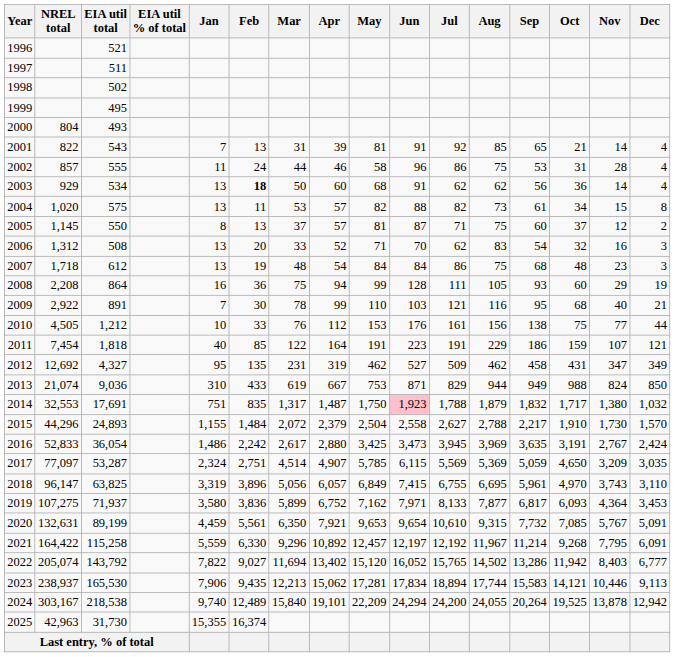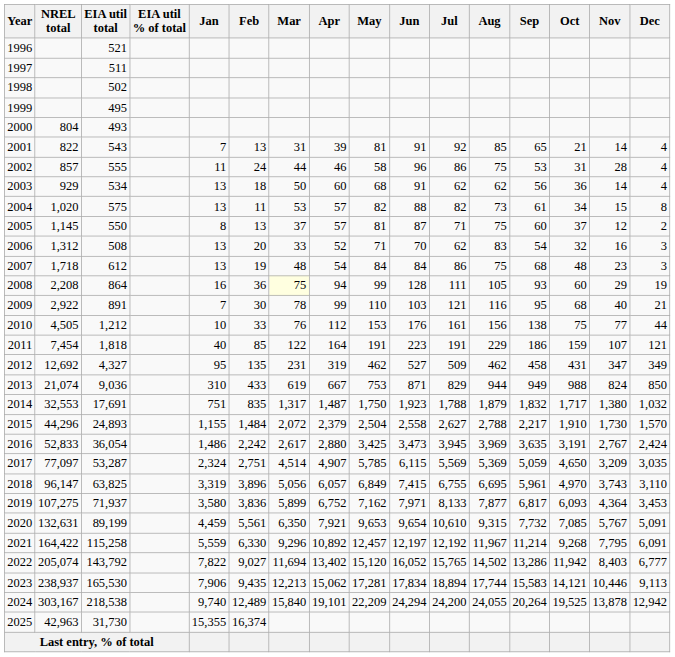 <table class="wikitable" style="text-align:right;">
 <tr>
 <th>Year</th>
 <th>NREL<br>total</th>
 <th>EIA util<br>total</th>
 <th>EIA util<br>% of total</th>
 <th>Jan</th>
 <th>Feb</th>
 <th>Mar</th>
 <th>Apr</th>
 <th>May</th>
 <th>Jun</th>
 <th>Jul</th>
 <th>Aug</th>
 <th>Sep</th>
 <th>Oct</th>
 <th>Nov</th>
 <th>Dec</th>
 </tr>
 <tr align=right>
 <td>1996</td>
 <td></td>
 <td>521</td>
 <td></td>
 <td></td>
 <td></td>
 <td></td>
 <td></td>
 <td></td>
 <td></td>
 <td></td>
 <td></td>
 <td></td>
 <td></td>
 <td></td>
 <td></td>
 </tr>
 <tr align=right>
 <td>1997</td>
 <td></td>
 <td>511</td>
 <td></td>
 <td></td>
 <td></td>
 <td></td>
 <td></td>
 <td></td>
 <td></td>
 <td></td>
 <td></td>
 <td></td>
 <td></td>
 <td></td>
 <td></td>
 </tr>
 <tr align=right>
 <td>1998</td>
 <td></td>
 <td>502</td>
 <td></td>
 <td></td>
 <td></td>
 <td></td>
 <td></td>
 <td></td>
 <td></td>
 <td></td>
 <td></td>
 <td></td>
 <td></td>
 <td></td>
 <td></td>
 </tr>
 <tr align=right>
 <td>1999</td>
 <td></td>
 <td>495</td>
 <td></td>
 <td></td>
 <td></td>
 <td></td>
 <td></td>
 <td></td>
 <td></td>
 <td></td>
 <td></td>
 <td></td>
 <td></td>
 <td></td>
 <td></td>
 </tr>
 <tr align=right>
 <td>2000</td>
 <td>804</td>
 <td>493</td>
 <td></td>
 <td></td>
 <td></td>
 <td></td>
 <td></td>
 <td></td>
 <td></td>
 <td></td>
 <td></td>
 <td></td>
 <td></td>
 <td></td>
 <td></td>
 </tr>
 <tr align=right>
 <td>2001</td>
 <td>822</td>
 <td>543</td>
 <td></td>
 <td>7</td>
 <td>13</td>
 <td>31</td>
 <td>39</td>
 <td>81</td>
 <td>91</td>
 <td>92</td>
 <td>85</td>
 <td>65</td>
 <td>21</td>
 <td>14</td>
 <td>4</td>
 </tr>
 <tr align=right>
 <td>2002</td>
 <td>857</td>
 <td>555</td>
 <td></td>
 <td>11</td>
 <td>24</td>
 <td>44</td>
 <td>46</td>
 <td>58</td>
 <td>96</td>
 <td>86</td>
 <td>75</td>
 <td>53</td>
 <td>31</td>
 <td>28</td>
 <td>4</td>
 </tr>
 <tr align=right>
 <td>2003</td>
 <td>929</td>
 <td>534</td>
 <td></td>
 <td>13</td>
-<td><strong>18</strong></td>
+<td>18</td>
 <td>50</td>
 <td>60</td>
 <td>68</td>
 <td>91</td>
 <td>62</td>
 <td>62</td>
 <td>56</td>
 <td>36</td>
 <td>14</td>
 <td>4</td>
 </tr>
 <tr align=right>
 <td>2004</td>
 <td>1,020</td>
 <td>575</td>
 <td></td>
 <td>13</td>
 <td>11</td>
 <td>53</td>
 <td>57</td>
 <td>82</td>
 <td>88</td>
 <td>82</td>
 <td>73</td>
 <td>61</td>
 <td>34</td>
 <td>15</td>
 <td>8</td>
 </tr>
 <tr align=right>
 <td>2005</td>
 <td>1,145</td>
 <td>550</td>
 <td></td>
 <td>8</td>
 <td>13</td>
 <td>37</td>
 <td>57</td>
 <td>81</td>
 <td>87</td>
 <td>71</td>
 <td>75</td>
 <td>60</td>
 <td>37</td>
 <td>12</td>
 <td>2</td>
 </tr>
 <tr align=right>
 <td>2006</td>
 <td>1,312</td>
 <td>508</td>
 <td></td>
 <td>13</td>
 <td>20</td>
 <td>33</td>
 <td>52</td>
 <td>71</td>
 <td>70</td>
 <td>62</td>
 <td>83</td>
 <td>54</td>
 <td>32</td>
 <td>16</td>
 <td>3</td>
 </tr>
 <tr align=right>
 <td>2007</td>
 <td>1,718</td>
 <td>612</td>
 <td></td>
 <td>13</td>
 <td>19</td>
 <td>48</td>
 <td>54</td>
 <td>84</td>
 <td>84</td>
 <td>86</td>
 <td>75</td>
 <td>68</td>
 <td>48</td>
 <td>23</td>
 <td>3</td>
 </tr>
 <tr align=right>
 <td>2008</td>
 <td>2,208</td>
 <td>864</td>
 <td></td>
 <td>16</td>
 <td>36</td>
-<td>75</td>
+<td style="background: lightyellow;">75</td>
 <td>94</td>
 <td>99</td>
 <td>128</td>
 <td>111</td>
 <td>105</td>
 <td>93</td>
 <td>60</td>
 <td>29</td>
 <td>19</td>
 </tr>
 <tr align=right>
 <td>2009</td>
 <td>2,922</td>
 <td>891</td>
 <td></td>
 <td>7</td>
 <td>30</td>
 <td>78</td>
 <td>99</td>
 <td>110</td>
 <td>103</td>
 <td>121</td>
 <td>116</td>
 <td>95</td>
 <td>68</td>
 <td>40</td>
 <td>21</td>
 </tr>
 <tr align=right>
 <td>2010</td>
 <td>4,505</td>
 <td>1,212</td>
 <td></td>
 <td>10</td>
 <td>33</td>
 <td>76</td>
 <td>112</td>
 <td>153</td>
 <td>176</td>
 <td>161</td>
 <td>156</td>
 <td>138</td>
 <td>75</td>
 <td>77</td>
 <td>44</td>
 </tr>
 <tr align=right>
 <td>2011</td>
 <td>7,454</td>
 <td>1,818</td>
 <td></td>
 <td>40</td>
 <td>85</td>
 <td>122</td>
 <td>164</td>
 <td>191</td>
 <td>223</td>
 <td>191</td>
 <td>229</td>
 <td>186</td>
 <td>159</td>
 <td>107</td>
 <td>121</td>
 </tr>
 <tr align=right>
 <td>2012</td>
 <td>12,692</td>
 <td>4,327</td>
 <td></td>
 <td>95</td>
 <td>135</td>
 <td>231</td>
 <td>319</td>
 <td>462</td>
 <td>527</td>
 <td>509</td>
 <td>462</td>
 <td>458</td>
 <td>431</td>
 <td>347</td>
 <td>349</td>
 </tr>
 <tr align=right>
 <td>2013</td>
 <td>21,074</td>
 <td>9,036</td>
 <td></td>
 <td>310</td>
 <td>433</td>
 <td>619</td>
 <td>667</td>
 <td>753</td>
 <td>871</td>
 <td>829</td>
 <td>944</td>
 <td>949</td>
 <td>988</td>
 <td>824</td>
 <td>850</td>
 </tr>
 <tr align=right>
 <td>2014</td>
 <td>32,553</td>
 <td>17,691</td>
 <td></td>
 <td>751</td>
 <td>835</td>
 <td>1,317</td>
 <td>1,487</td>
 <td>1,750</td>
-<td style="background: pink;">1,923</td>
+<td>1,923</td>
 <td>1,788</td>
 <td>1,879</td>
 <td>1,832</td>
 <td>1,717</td>
 <td>1,380</td>
 <td>1,032</td>
 </tr>
 <tr align=right>
 <td>2015</td>
 <td>44,296</td>
 <td>24,893</td>
 <td></td>
 <td>1,155</td>
 <td>1,484</td>
 <td>2,072</td>
 <td>2,379</td>
 <td>2,504</td>
 <td>2,558</td>
 <td>2,627</td>
 <td>2,788</td>
 <td>2,217</td>
 <td>1,910</td>
 <td>1,730</td>
 <td>1,570</td>
 </tr>
 <tr align=right>
 <td>2016</td>
 <td>52,833</td>
 <td>36,054</td>
 <td></td>
 <td>1,486</td>
 <td>2,242</td>
 <td>2,617</td>
 <td>2,880</td>
 <td>3,425</td>
 <td>3,473</td>
 <td>3,945</td>
 <td>3,969</td>
 <td>3,635</td>
 <td>3,191</td>
 <td>2,767</td>
 <td>2,424</td>
 </tr>
 <tr align=right>
 <td>2017</td>
 <td>77,097</td>
 <td>53,287</td>
 <td></td>
 <td>2,324</td>
 <td>2,751</td>
 <td>4,514</td>
 <td>4,907</td>
 <td>5,785</td>
 <td>6,115</td>
 <td>5,569</td>
 <td>5,369</td>
 <td>5,059</td>
 <td>4,650</td>
 <td>3,209</td>
 <td>3,035</td>
 </tr>
 <tr align=right>
 <td>2018</td>
 <td>96,147</td>
 <td>63,825</td>
 <td></td>
 <td>3,319</td>
 <td>3,896</td>
 <td>5,056</td>
 <td>6,057</td>
 <td>6,849</td>
 <td>7,415</td>
 <td>6,755</td>
 <td>6,695</td>
 <td>5,961</td>
 <td>4,970</td>
 <td>3,743</td>
 <td>3,110</td>
 </tr>
 <tr align=right>
 <td>2019</td>
 <td>107,275</td>
 <td>71,937</td>
 <td></td>
 <td>3,580</td>
 <td>3,836</td>
 <td>5,899</td>
 <td>6,752</td>
 <td>7,162</td>
 <td>7,971</td>
 <td>8,133</td>
 <td>7,877</td>
 <td>6,817</td>
 <td>6,093</td>
 <td>4,364</td>
 <td>3,453</td>
 </tr>
 <tr align=right>
 <td>2020</td>
 <td>132,631</td>
 <td>89,199</td>
 <td></td>
 <td>4,459</td>
 <td>5,561</td>
 <td>6,350</td>
 <td>7,921</td>
 <td>9,653</td>
 <td>9,654</td>
 <td>10,610</td>
 <td>9,315</td>
 <td>7,732</td>
 <td>7,085</td>
 <td>5,767</td>
 <td>5,091</td>
 </tr>
 <tr align=right>
 <td>2021</td>
 <td>164,422</td>
 <td>115,258</td>
 <td></td>
 <td>5,559</td>
 <td>6,330</td>
 <td>9,296</td>
 <td>10,892</td>
 <td>12,457</td>
 <td>12,197</td>
 <td>12,192</td>
 <td>11,967</td>
 <td>11,214</td>
 <td>9,268</td>
 <td>7,795</td>
 <td>6,091</td>
 </tr>
 <tr align=right>
 <td>2022</td>
 <td>205,074</td>
 <td>143,792</td>
 <td></td>
 <td>7,822</td>
 <td>9,027</td>
 <td>11,694</td>
 <td>13,402</td>
 <td>15,120</td>
 <td>16,052</td>
 <td>15,765</td>
 <td>14,502</td>
 <td>13,286</td>
 <td>11,942</td>
 <td>8,403</td>
 <td>6,777</td>
 </tr>
 <tr align=right>
 <td>2023</td>
 <td>238,937</td>
 <td>165,530</td>
 <td></td>
 <td>7,906</td>
 <td>9,435</td>
 <td>12,213</td>
 <td>15,062</td>
 <td>17,281</td>
 <td>17,834</td>
 <td>18,894</td>
 <td>17,744</td>
 <td>15,583</td>
 <td>14,121</td>
 <td>10,446</td>
 <td>9,113</td>
 </tr>
 <tr align=right>
 <td>2024</td>
 <td>303,167</td>
 <td>218,538</td>
 <td></td>
 <td>9,740</td>
 <td>12,489</td>
 <td>15,840</td>
 <td>19,101</td>
 <td>22,209</td>
 <td>24,294</td>
 <td>24,200</td>
 <td>24,055</td>
 <td>20,264</td>
 <td>19,525</td>
 <td>13,878</td>
 <td>12,942</td>
 </tr>
 <tr align=right>
 <td>2025</td>
 <td>42,963</td>
 <td>31,730</td>
 <td></td>
 <td>15,355</td>
 <td>16,374</td>
 <td></td>
 <td></td>
 <td></td>
 <td></td>
 <td></td>
 <td></td>
 <td></td>
 <td></td>
 <td></td>
 <td></td>
 </tr>
 <tr align=right>
 <th colspan=4>Last entry, % of total</th>
 <th></th>
 <th></th>
 <th></th>
 <th></th>
 <th></th>
 <th></th>
 <th></th>
 <th></th>
 <th></th>
 <th></th>
 <th></th>
 <th></th>
 </tr>
 </table>
